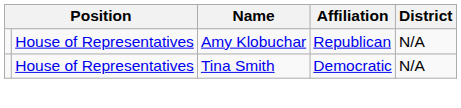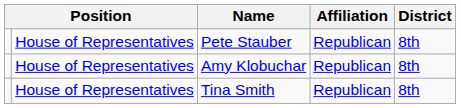 <table class="wikitable">
 <tr>
 <th colspan="2">Position</th>
 <th>Name</th>
 <th>Affiliation</th>
 <th>District</th>
 </tr>
 <tr>
 <td style="background-color:"></td>
 <td><a href='#'>House of Representatives</a></td>
+<td><a href='#'>Pete Stauber</a></td>
+<td><a href='#'>Republican</a></td>
+<td><a href='#'>8th</a></td>
+</tr>
+<tr>
+<td style="background-color:"></td>
+<td><a href='#'>House of Representatives</a></td>
 <td><a href='#'>Amy Klobuchar</a></td>
 <td><a href='#'>Republican</a></td>
-<td>N/A</td>
+<td><a href='#'>8th</a></td>
 </tr>
 <tr>
 <td style="background-color:"></td>
 <td><a href='#'>House of Representatives</a></td>
 <td><a href='#'>Tina Smith</a></td>
-<td><a href='#'>Democratic</a></td>
-<td>N/A</td>
+<td><a href='#'>Republican</a></td>
+<td><a href='#'>8th</a></td>
 </tr>
 </table>
